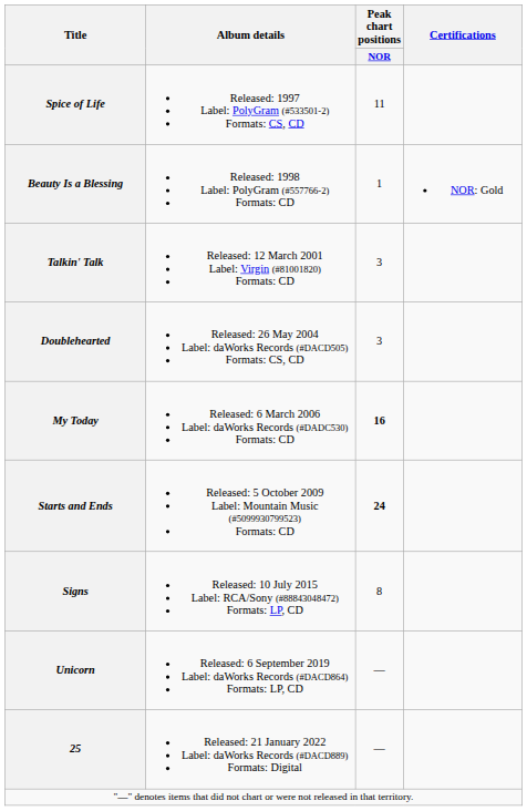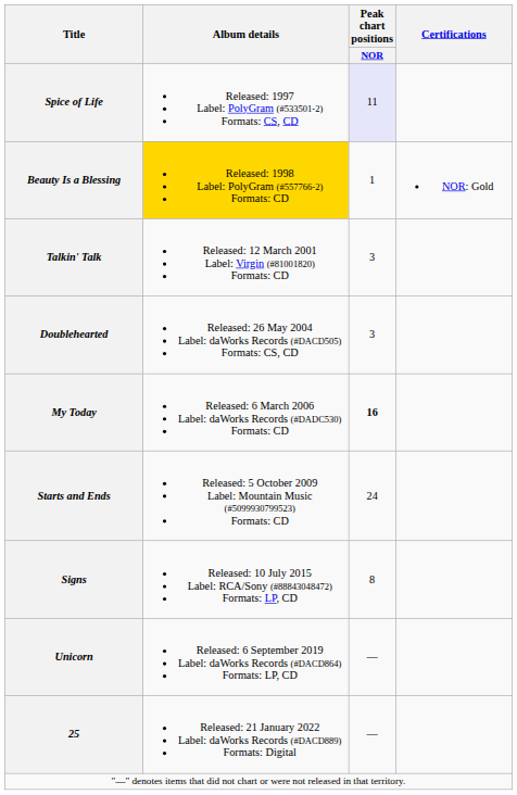 <table class="wikitable plainrowheaders" style="text-align:center;">
 <tr>
 <th scope="col" rowspan="2" style="width:12em;">Title</th>
 <th scope="col" rowspan="2" style="width:18em;">Album details</th>
 <th scope="col" colspan="1">Peak chart positions</th>
 <th scope="col" rowspan="2" style="width:10em;"><a href='#'>Certifications</a></th>
 </tr>
 <tr>
 <th style="width:2em;font-size:90%;"><a href='#'>NOR</a><br></th>
 </tr>
 <tr>
 <th scope="row"><em>Spice of Life</em></th>
 <td><br><ul><li>Released: 1997</li><li>Label: <a href='#'>PolyGram</a> <small>(#533501-2)</small></li><li>Formats: <a href='#'>CS</a>, <a href='#'>CD</a></li></ul></td>
-<td>11</td>
+<td style="background: lavender;">11</td>
 <td></td>
 </tr>
 <tr>
 <th scope="row"><em>Beauty Is a Blessing</em></th>
-<td><br><ul><li>Released: 1998</li><li>Label: PolyGram <small>(#557766-2)</small></li><li>Formats: CD</li></ul></td>
+<td style="background: gold;"><br><ul><li>Released: 1998</li><li>Label: PolyGram <small>(#557766-2)</small></li><li>Formats: CD</li></ul></td>
 <td>1</td>
 <td><br><ul><li><a href='#'>NOR</a>: Gold</li></ul></td>
 </tr>
 <tr>
 <th scope="row"><em>Talkin' Talk</em></th>
 <td><br><ul><li>Released: 12 March 2001</li><li>Label: <a href='#'>Virgin</a> <small>(#81001820)</small></li><li>Formats: CD</li></ul></td>
 <td>3</td>
 <td></td>
 </tr>
 <tr>
 <th scope="row"><em>Doublehearted</em></th>
 <td><br><ul><li>Released: 26 May 2004</li><li>Label: daWorks Records <small>(#DACD505)</small></li><li>Formats: CS, CD</li></ul></td>
 <td>3</td>
 <td></td>
 </tr>
 <tr>
 <th scope="row"><em>My Today</em></th>
 <td><br><ul><li>Released: 6 March 2006</li><li>Label: daWorks Records <small>(#DADC530)</small></li><li>Formats: CD</li></ul></td>
 <td><strong>16</strong></td>
 <td></td>
 </tr>
 <tr>
 <th scope="row"><em>Starts and Ends</em></th>
 <td><br><ul><li>Released: 5 October 2009</li><li>Label: Mountain Music <small>(#5099930799523)</small></li><li>Formats: CD</li></ul></td>
-<td><strong>24</strong></td>
+<td>24</td>
 <td></td>
 </tr>
 <tr>
 <th scope="row"><em>Signs</em></th>
 <td><br><ul><li>Released: 10 July 2015</li><li>Label: RCA/Sony <small>(#88843048472)</small></li><li>Formats: <a href='#'>LP</a>, CD</li></ul></td>
 <td>8</td>
 <td></td>
 </tr>
 <tr>
 <th scope="row"><em>Unicorn</em></th>
 <td><br><ul><li>Released: 6 September 2019</li><li>Label: daWorks Records <small>(#DACD864)</small></li><li>Formats: LP, CD</li></ul></td>
 <td>—</td>
 <td></td>
 </tr>
 <tr>
 <th scope="row"><em>25</em></th>
 <td><br><ul><li>Released: 21 January 2022</li><li>Label: daWorks Records <small>(#DACD889)</small></li><li>Formats: Digital</li></ul></td>
 <td>—</td>
 <td></td>
 </tr>
 <tr>
 <td align="center" colspan="15" style="font-size:90%">"—" denotes items that did not chart or were not released in that territory.</td>
 </tr>
 </table>
